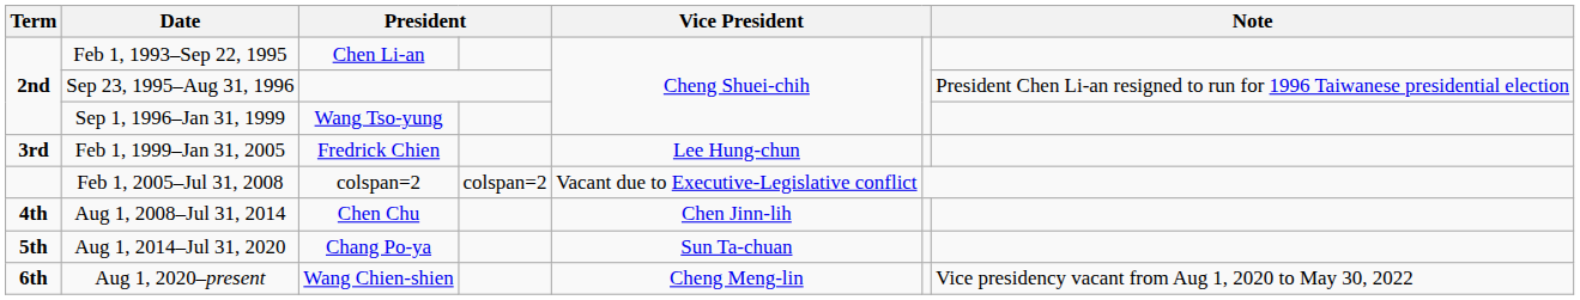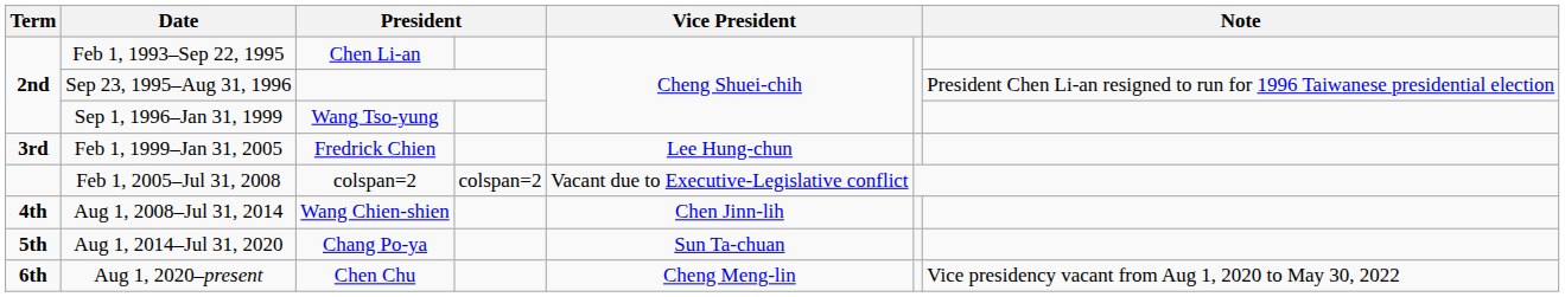 <table class=wikitable style="text-align:center;">
 <tr>
 <th>Term</th>
 <th>Date</th>
 <th colspan=2>President</th>
 <th colspan=2>Vice President</th>
 <th>Note</th>
 </tr>
 <tr>
 <td rowspan=3><strong>2nd</strong></td>
 <td>Feb 1, 1993–Sep 22, 1995</td>
 <td><a href='#'>Chen Li-an</a></td>
 <td></td>
 <td rowspan=3><a href='#'>Cheng Shuei-chih</a></td>
 <td rowspan=3></td>
 <td align=left></td>
 </tr>
 <tr>
 <td>Sep 23, 1995–Aug 31, 1996</td>
 <td colspan=2></td>
 <td align=left>President Chen Li-an resigned to run for <a href='#'>1996 Taiwanese presidential election</a></td>
 </tr>
 <tr>
 <td>Sep 1, 1996–Jan 31, 1999</td>
 <td><a href='#'>Wang Tso-yung</a></td>
 <td></td>
 <td align=left></td>
 </tr>
 <tr>
 <td><strong>3rd</strong></td>
 <td>Feb 1, 1999–Jan 31, 2005</td>
 <td><a href='#'>Fredrick Chien</a></td>
 <td></td>
 <td><a href='#'>Lee Hung-chun</a></td>
 <td></td>
 <td align=left></td>
 </tr>
 <tr>
 <td></td>
 <td>Feb 1, 2005–Jul 31, 2008</td>
 <td>colspan=2 </td>
 <td>colspan=2 </td>
 <td align=left>Vacant due to <a href='#'>Executive-Legislative conflict</a></td>
 </tr>
 <tr>
 <td><strong>4th</strong></td>
 <td>Aug 1, 2008–Jul 31, 2014</td>
-<td><a href='#'>Chen Chu</a></td>
+<td><a href='#'>Wang Chien-shien</a></td>
 <td></td>
 <td><a href='#'>Chen Jinn-lih</a></td>
 <td></td>
 <td align=left></td>
 </tr>
 <tr>
 <td><strong>5th</strong></td>
 <td>Aug 1, 2014–Jul 31, 2020</td>
 <td><a href='#'>Chang Po-ya</a></td>
 <td></td>
 <td><a href='#'>Sun Ta-chuan</a></td>
 <td></td>
 <td align=left></td>
 </tr>
 <tr>
 <td><strong>6th</strong></td>
 <td>Aug 1, 2020–<em>present</em></td>
-<td><a href='#'>Wang Chien-shien</a></td>
+<td><a href='#'>Chen Chu</a></td>
 <td></td>
 <td><a href='#'>Cheng Meng-lin</a></td>
 <td></td>
 <td align=left>Vice presidency vacant from Aug 1, 2020 to May 30, 2022</td>
 </tr>
 </table>
